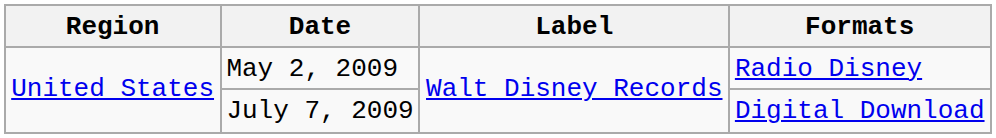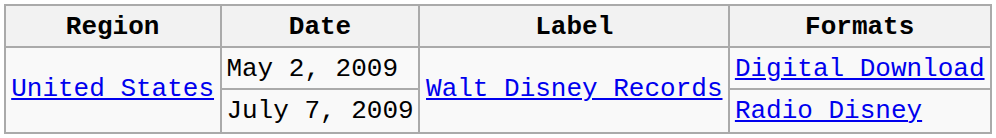 <table class="wikitable">
 <tr>
 <th>Region</th>
 <th>Date</th>
 <th>Label</th>
 <th>Formats</th>
 </tr>
 <tr>
 <td rowspan="2"><a href='#'>United States</a></td>
 <td>May 2, 2009</td>
 <td rowspan="2"><a href='#'>Walt Disney Records</a></td>
-<td><a href='#'>Radio Disney</a></td>
+<td><a href='#'>Digital Download</a></td>
 </tr>
 <tr>
 <td>July 7, 2009</td>
-<td><a href='#'>Digital Download</a></td>
+<td><a href='#'>Radio Disney</a></td>
 </tr>
 </table>
